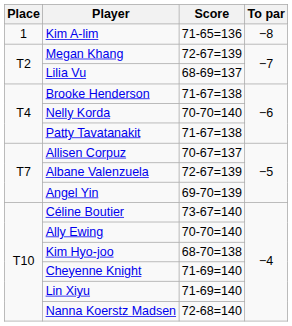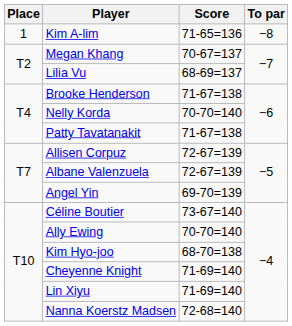 <table class="wikitable">
 <tr>
 <th>Place</th>
 <th>Player</th>
 <th>Score</th>
 <th>To par</th>
 </tr>
 <tr>
 <td align=center>1</td>
 <td> <a href='#'>Kim A-lim</a></td>
 <td>71-65=136</td>
 <td align=center>−8</td>
 </tr>
 <tr>
 <td rowspan=2 align=center>T2</td>
 <td> <a href='#'>Megan Khang</a></td>
-<td>72-67=139</td>
+<td>70-67=137</td>
 <td rowspan=2 align=center>−7</td>
 </tr>
 <tr>
 <td> <a href='#'>Lilia Vu</a></td>
 <td>68-69=137</td>
 </tr>
 <tr>
 <td rowspan=3 align=center>T4</td>
 <td> <a href='#'>Brooke Henderson</a></td>
 <td>71-67=138</td>
 <td rowspan=3 align=center>−6</td>
 </tr>
 <tr>
 <td> <a href='#'>Nelly Korda</a></td>
 <td>70-70=140</td>
 </tr>
 <tr>
 <td> <a href='#'>Patty Tavatanakit</a></td>
 <td>71-67=138</td>
 </tr>
 <tr>
 <td rowspan=3 align=center>T7</td>
 <td> <a href='#'>Allisen Corpuz</a></td>
-<td>70-67=137</td>
+<td>72-67=139</td>
 <td rowspan=3 align=center>−5</td>
 </tr>
 <tr>
 <td> <a href='#'>Albane Valenzuela</a></td>
 <td>72-67=139</td>
 </tr>
 <tr>
 <td> <a href='#'>Angel Yin</a></td>
 <td>69-70=139</td>
 </tr>
 <tr>
 <td rowspan=6 align=center>T10</td>
 <td> <a href='#'>Céline Boutier</a></td>
 <td>73-67=140</td>
 <td rowspan=6 align=center>−4</td>
 </tr>
 <tr>
 <td> <a href='#'>Ally Ewing</a></td>
 <td>70-70=140</td>
 </tr>
 <tr>
 <td> <a href='#'>Kim Hyo-joo</a></td>
 <td>68-70=138</td>
 </tr>
 <tr>
 <td> <a href='#'>Cheyenne Knight</a></td>
 <td>71-69=140</td>
 </tr>
 <tr>
 <td> <a href='#'>Lin Xiyu</a></td>
 <td>71-69=140</td>
 </tr>
 <tr>
 <td> <a href='#'>Nanna Koerstz Madsen</a></td>
 <td>72-68=140</td>
 </tr>
 </table>
